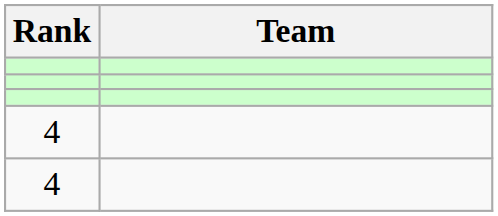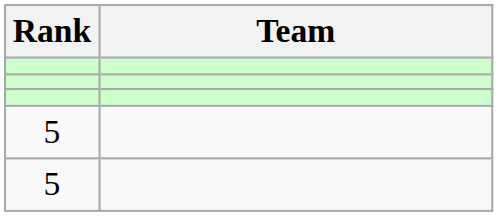 <table class=wikitable style="text-align:center;">
 <tr>
 <th>Rank</th>
 <th width=180>Team</th>
 </tr>
 <tr bgcolor=#CCFFCC>
 <td></td>
 <td align=left></td>
 </tr>
 <tr bgcolor=#CCFFCC>
 <td></td>
 <td align=left></td>
 </tr>
 <tr bgcolor=#CCFFCC>
 <td></td>
 <td align=left></td>
 </tr>
 <tr>
-<td>4</td>
+<td>5</td>
 <td align=left></td>
 </tr>
 <tr>
-<td>4</td>
+<td>5</td>
 <td align=left></td>
 </tr>
 </table>
